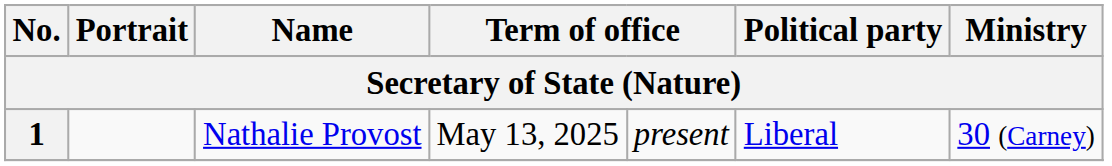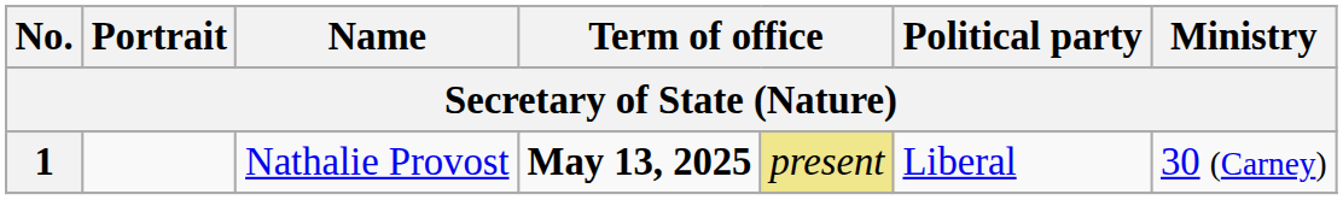 <table class="wikitable">
 <tr>
 <th>No.</th>
 <th>Portrait</th>
 <th>Name</th>
 <th colspan=2>Term of office</th>
 <th>Political party</th>
 <th>Ministry</th>
 </tr>
 <tr>
 <th colspan=7>Secretary of State (Nature)</th>
 </tr>
 <tr>
 <th style="background:">1</th>
 <td></td>
 <td><a href='#'>Nathalie Provost</a></td>
-<td>May 13, 2025</td>
-<td><em>present</em></td>
+<td><strong>May 13, 2025</strong></td>
+<td style="background: khaki;"><em>present</em></td>
 <td><a href='#'>Liberal</a></td>
 <td><a href='#'>30</a> <small>(<a href='#'>Carney</a>)</small></td>
 </tr>
 <tr>
 </tr>
 </table>
